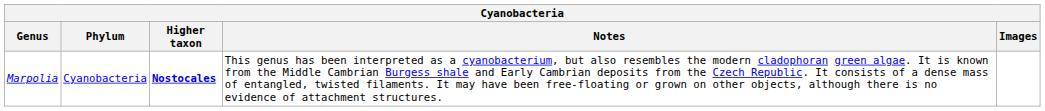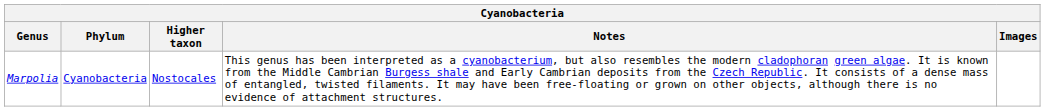 <table class="wikitable sortable" style="background:white; width:100%;">
 <tr>
 <th colspan="5" align="center"><strong>Cyanobacteria</strong></th>
 </tr>
 <tr>
 <th>Genus</th>
 <th>Phylum</th>
 <th>Higher taxon</th>
 <th>Notes</th>
 <th>Images</th>
 </tr>
 <tr>
 <td><em><a href='#'>Marpolia</a></em></td>
 <td><a href='#'>Cyanobacteria</a></td>
-<td><strong><a href='#'>Nostocales</a></strong></td>
+<td><a href='#'>Nostocales</a></td>
 <td>This genus has been interpreted as a <a href='#'>cyanobacterium</a>, but also resembles the modern <a href='#'>cladophoran</a> <a href='#'>green algae</a>. It is known from the Middle Cambrian <a href='#'>Burgess shale</a> and Early Cambrian deposits from the <a href='#'>Czech Republic</a>. It consists of a dense mass of entangled, twisted filaments. It may have been free-floating or grown on other objects, although there is no evidence of attachment structures.</td>
 <td></td>
 </tr>
 </table>
